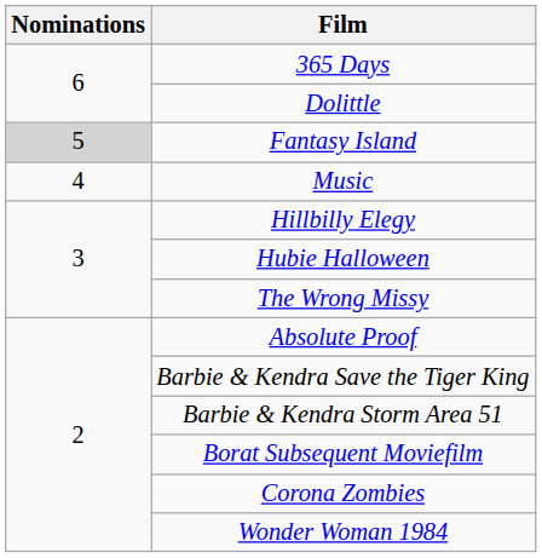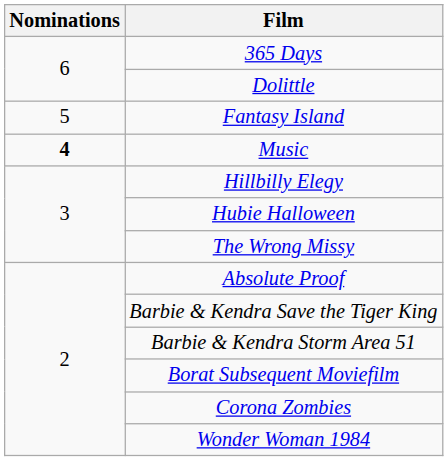 <table class="wikitable sortable" style="text-align:center;">
 <tr>
 <th scope="col" width="55">Nominations</th>
 <th scope="col" align="center">Film</th>
 </tr>
 <tr>
 <td rowspan="2">6</td>
 <td><em><a href='#'>365 Days</a></em></td>
 </tr>
 <tr>
 <td><em><a href='#'>Dolittle</a></em></td>
 </tr>
 <tr>
-<td style="background: lightgrey;">5</td>
+<td>5</td>
 <td><em><a href='#'>Fantasy Island</a></em></td>
 </tr>
 <tr>
-<td>4</td>
+<td><strong>4</strong></td>
 <td><em><a href='#'>Music</a></em></td>
 </tr>
 <tr>
 <td rowspan="3">3</td>
 <td><em><a href='#'>Hillbilly Elegy</a></em></td>
 </tr>
 <tr>
 <td><em><a href='#'>Hubie Halloween</a></em></td>
 </tr>
 <tr>
 <td><em><a href='#'>The Wrong Missy</a></em></td>
 </tr>
 <tr>
 <td rowspan="6">2</td>
 <td><em><a href='#'>Absolute Proof</a></em></td>
 </tr>
 <tr>
 <td><em>Barbie & Kendra Save the Tiger King</em></td>
 </tr>
 <tr>
 <td><em>Barbie & Kendra Storm Area 51</em></td>
 </tr>
 <tr>
 <td><em><a href='#'>Borat Subsequent Moviefilm</a></em></td>
 </tr>
 <tr>
 <td><em><a href='#'>Corona Zombies</a></em></td>
 </tr>
 <tr>
 <td><em><a href='#'>Wonder Woman 1984</a></em></td>
 </tr>
 </table>
